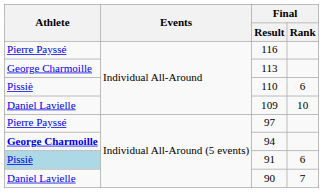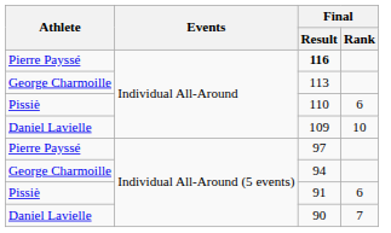 <table class=wikitable style="font-size:90%">
 <tr>
 <th rowspan="2">Athlete</th>
 <th rowspan="2">Events</th>
 <th colspan="2">Final</th>
 </tr>
 <tr>
 <th>Result</th>
 <th>Rank</th>
 </tr>
 <tr>
 <td><a href='#'>Pierre Payssé</a></td>
 <td rowspan=4>Individual All-Around</td>
-<td align="center">116</td>
+<td align="center"><strong>116</strong></td>
 <td align="center"></td>
 </tr>
 <tr>
 <td><a href='#'>George Charmoille</a></td>
 <td align="center">113</td>
 <td align="center"></td>
 </tr>
 <tr>
 <td><a href='#'>Pissiè</a></td>
 <td align="center">110</td>
 <td align="center">6</td>
 </tr>
 <tr>
 <td><a href='#'>Daniel Lavielle</a></td>
 <td align="center">109</td>
 <td align="center">10</td>
 </tr>
 <tr>
 <td><a href='#'>Pierre Payssé</a></td>
 <td rowspan=4>Individual All-Around (5 events)</td>
 <td align="center">97</td>
 <td align="center"></td>
 </tr>
 <tr>
-<td><strong><a href='#'>George Charmoille</a></strong></td>
+<td><a href='#'>George Charmoille</a></td>
 <td align="center">94</td>
 <td align="center"></td>
 </tr>
 <tr>
-<td style="background: lightblue;"><a href='#'>Pissiè</a></td>
+<td><a href='#'>Pissiè</a></td>
 <td align="center">91</td>
 <td align="center">6</td>
 </tr>
 <tr>
 <td><a href='#'>Daniel Lavielle</a></td>
 <td align="center">90</td>
 <td align="center">7</td>
 </tr>
 </table>
